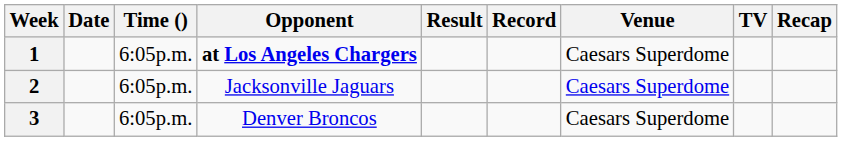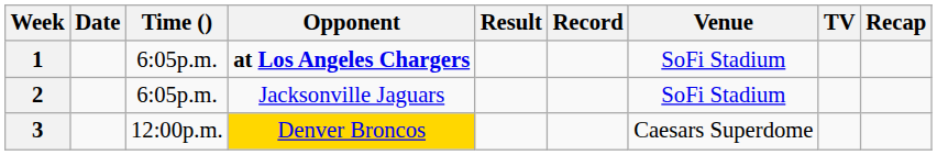 <table class="wikitable" style="text-align:center">
 <tr>
 <th>Week</th>
 <th>Date</th>
 <th>Time (<a href='#'></a>)</th>
 <th>Opponent</th>
 <th>Result</th>
 <th>Record</th>
 <th>Venue</th>
 <th>TV</th>
 <th>Recap</th>
 </tr>
 <tr>
 <th>1</th>
 <td></td>
 <td>6:05p.m.</td>
 <td><strong>at <a href='#'>Los Angeles Chargers</a></strong></td>
 <td></td>
 <td></td>
-<td>Caesars Superdome</td>
+<td><a href='#'>SoFi Stadium</a></td>
 <td></td>
 <td></td>
 </tr>
 <tr>
 <th>2</th>
 <td></td>
 <td>6:05p.m.</td>
 <td><a href='#'>Jacksonville Jaguars</a></td>
 <td></td>
 <td></td>
-<td><a href='#'>Caesars Superdome</a></td>
+<td><a href='#'>SoFi Stadium</a></td>
 <td></td>
 <td></td>
 </tr>
 <tr>
 <th>3</th>
 <td></td>
-<td>6:05p.m.</td>
-<td><a href='#'>Denver Broncos</a></td>
+<td>12:00p.m.</td>
+<td style="background: gold;"><a href='#'>Denver Broncos</a></td>
 <td></td>
 <td></td>
 <td>Caesars Superdome</td>
 <td></td>
 <td></td>
 </tr>
 </table>
